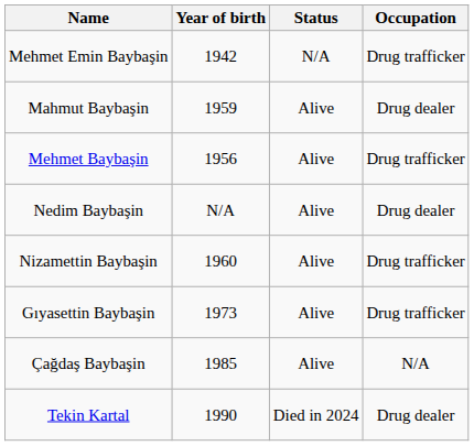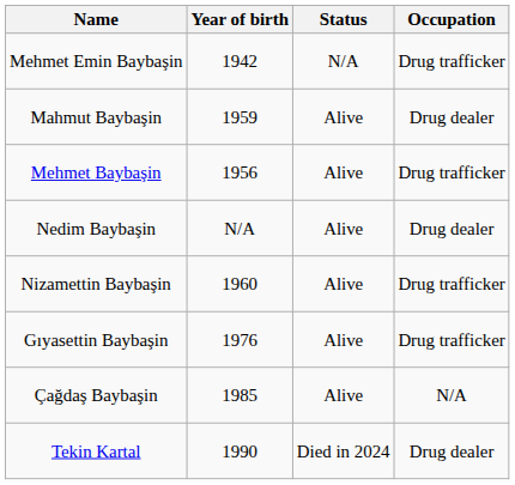 <table class="wikitable sortable" style="margin: left">
 <tr>
 <th class="unsortable">Name</th>
 <th class="unsortable">Year of birth</th>
 <th class="unsortable">Status</th>
 <th class="unsortable">Occupation</th>
 </tr>
 <tr style="vertical-align:middle; height:50px; text-align:center;">
 <td>Mehmet Emin Baybaşin</td>
 <td>1942</td>
 <td>N/A</td>
 <td>Drug trafficker</td>
 </tr>
 <tr style="vertical-align:middle; height:50px; text-align:center;">
 <td>Mahmut Baybaşin</td>
 <td>1959</td>
 <td>Alive</td>
 <td>Drug dealer</td>
 </tr>
 <tr style="vertical-align:middle; height:50px; text-align:center;">
 <td><a href='#'>Mehmet Baybaşin</a></td>
 <td>1956</td>
 <td>Alive</td>
 <td>Drug trafficker</td>
 </tr>
 <tr style="vertical-align:middle; height:50px; text-align:center;">
 <td>Nedim Baybaşin</td>
 <td>N/A</td>
 <td>Alive</td>
 <td>Drug dealer</td>
 </tr>
 <tr style="vertical-align:middle; height:50px; text-align:center;">
 <td>Nizamettin Baybaşin</td>
 <td>1960</td>
 <td>Alive</td>
 <td>Drug trafficker</td>
 </tr>
 <tr style="vertical-align:middle; height:50px; text-align:center;">
 <td>Gıyasettin Baybaşin</td>
-<td>1973</td>
+<td>1976</td>
 <td>Alive</td>
 <td>Drug trafficker</td>
 </tr>
 <tr style="vertical-align:middle; height:50px; text-align:center;">
 <td>Çağdaş Baybaşin</td>
 <td>1985</td>
 <td>Alive</td>
 <td>N/A</td>
 </tr>
 <tr style="vertical-align:middle; height:50px; text-align:center;">
 <td><a href='#'>Tekin Kartal</a></td>
 <td>1990</td>
 <td>Died in 2024</td>
 <td>Drug dealer</td>
 </tr>
 </table>
